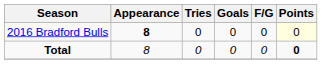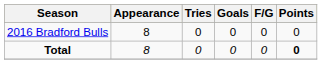 <table class="wikitable" style="text-align:center;">
 <tr bgcolor=#bdb76b>
 <th>Season</th>
 <th>Appearance</th>
 <th>Tries</th>
 <th>Goals</th>
 <th>F/G</th>
 <th>Points</th>
 </tr>
 <tr>
 <td><a href='#'>2016 Bradford Bulls</a></td>
-<td><strong>8</strong></td>
+<td>8</td>
 <td>0</td>
 <td>0</td>
 <td>0</td>
-<td style="background: lightyellow;">0</td>
+<td>0</td>
 </tr>
 <tr>
 <td><strong>Total</strong></td>
 <td><em>8</em></td>
 <td><em>0</em></td>
 <td><em>0</em></td>
 <td><em>0</em></td>
 <td><strong>0</strong></td>
 </tr>
 <tr>
 </tr>
 </table>
